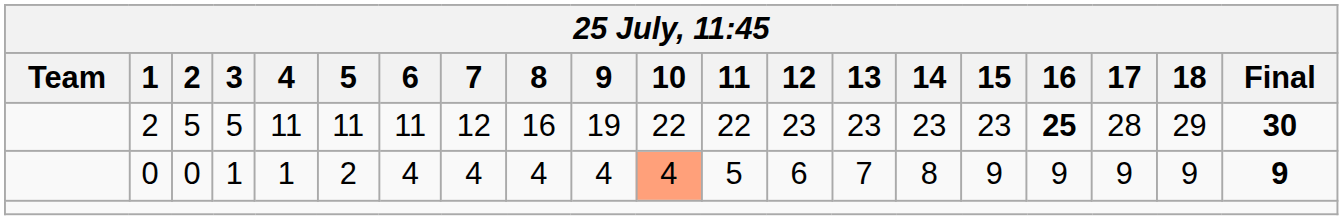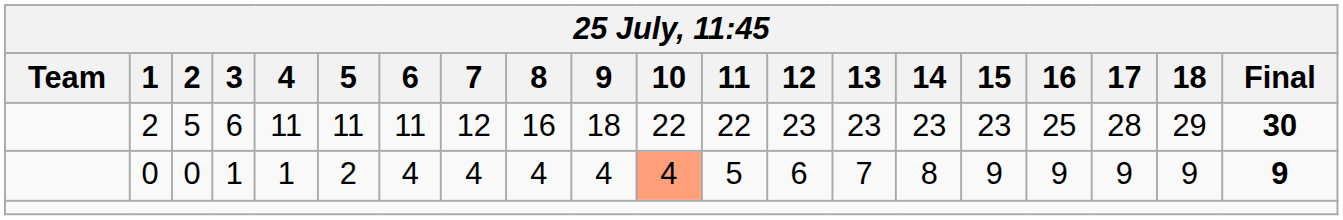 <table class=wikitable style="text-align:center; width: 55%">
 <tr>
 <th colspan=20><em>25 July, 11:45</em></th>
 </tr>
 <tr>
 <th>Team</th>
 <th>1</th>
 <th>2</th>
 <th>3</th>
 <th>4</th>
 <th>5</th>
 <th>6</th>
 <th>7</th>
 <th>8</th>
 <th>9</th>
 <th>10</th>
 <th>11</th>
 <th>12</th>
 <th>13</th>
 <th>14</th>
 <th>15</th>
 <th>16</th>
 <th>17</th>
 <th>18</th>
 <th>Final</th>
 </tr>
 <tr>
 <td align=left><strong></strong></td>
 <td>2</td>
 <td>5</td>
-<td>5</td>
+<td>6</td>
 <td>11</td>
 <td>11</td>
 <td>11</td>
 <td>12</td>
 <td>16</td>
-<td>19</td>
+<td>18</td>
 <td>22</td>
 <td>22</td>
 <td>23</td>
 <td>23</td>
 <td>23</td>
 <td>23</td>
-<td><strong>25</strong></td>
+<td>25</td>
 <td>28</td>
 <td>29</td>
 <td><strong>30</strong></td>
 </tr>
 <tr>
 <td align=left></td>
 <td>0</td>
 <td>0</td>
 <td>1</td>
 <td>1</td>
 <td>2</td>
 <td>4</td>
 <td>4</td>
 <td>4</td>
 <td>4</td>
 <td style="background: lightsalmon;">4</td>
 <td>5</td>
 <td>6</td>
 <td>7</td>
 <td>8</td>
 <td>9</td>
 <td>9</td>
 <td>9</td>
 <td>9</td>
 <td><strong>9</strong></td>
 </tr>
 <tr>
 <td colspan=20></td>
 </tr>
 </table>
